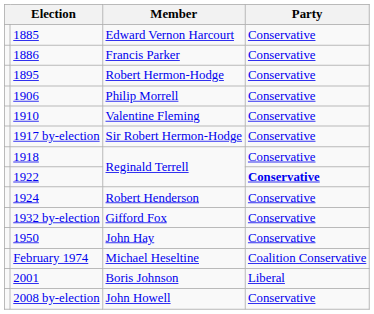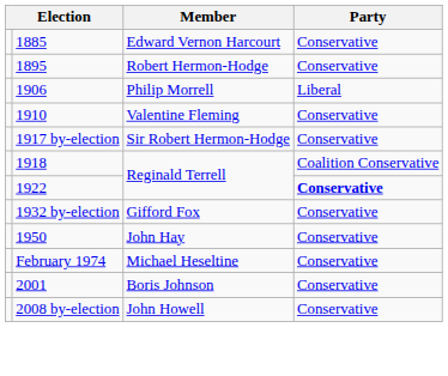 <table class="wikitable">
 <tr>
 <th colspan="2">Election</th>
 <th>Member</th>
 <th>Party</th>
 </tr>
 <tr>
 <td style="color:inherit;background-color: "></td>
 <td><a href='#'>1885</a></td>
 <td><a href='#'>Edward Vernon Harcourt</a></td>
 <td><a href='#'>Conservative</a></td>
 </tr>
 <tr>
 <td style="color:inherit;background-color: "></td>
-<td><a href='#'>1886</a></td>
-<td><a href='#'>Francis Parker</a></td>
-<td><a href='#'>Conservative</a></td>
-</tr>
-<tr>
-<td style="color:inherit;background-color: "></td>
 <td><a href='#'>1895</a></td>
 <td><a href='#'>Robert Hermon-Hodge</a></td>
 <td><a href='#'>Conservative</a></td>
 </tr>
 <tr>
 <td style="color:inherit;background-color: "></td>
 <td><a href='#'>1906</a></td>
 <td><a href='#'>Philip Morrell</a></td>
-<td><a href='#'>Conservative</a></td>
+<td><a href='#'>Liberal</a></td>
 </tr>
 <tr>
 <td style="color:inherit;background-color: "></td>
 <td><a href='#'>1910</a></td>
 <td><a href='#'>Valentine Fleming</a></td>
 <td><a href='#'>Conservative</a></td>
 </tr>
 <tr>
 <td style="color:inherit;background-color: "></td>
 <td><a href='#'>1917 by-election</a></td>
 <td><a href='#'>Sir Robert Hermon-Hodge</a></td>
 <td><a href='#'>Conservative</a></td>
 </tr>
 <tr>
 <td style="color:inherit;background-color: "></td>
 <td><a href='#'>1918</a></td>
 <td rowspan="2"><a href='#'>Reginald Terrell</a></td>
-<td><a href='#'>Conservative</a></td>
+<td><a href='#'>Coalition Conservative</a></td>
 </tr>
 <tr>
 <td style="color:inherit;background-color: "></td>
 <td><a href='#'>1922</a></td>
 <td><strong><a href='#'>Conservative</a></strong></td>
-</tr>
-<tr>
-<td style="color:inherit;background-color: "></td>
-<td><a href='#'>1924</a></td>
-<td><a href='#'>Robert Henderson</a></td>
-<td><a href='#'>Conservative</a></td>
 </tr>
 <tr>
 <td style="color:inherit;background-color: "></td>
 <td><a href='#'>1932 by-election</a></td>
 <td><a href='#'>Gifford Fox</a></td>
 <td><a href='#'>Conservative</a></td>
 </tr>
 <tr>
 <td style="color:inherit;background-color: "></td>
 <td><a href='#'>1950</a></td>
 <td><a href='#'>John Hay</a></td>
 <td><a href='#'>Conservative</a></td>
 </tr>
 <tr>
 <td style="color:inherit;background-color: "></td>
 <td><a href='#'>February 1974</a></td>
 <td><a href='#'>Michael Heseltine</a></td>
-<td><a href='#'>Coalition Conservative</a></td>
+<td><a href='#'>Conservative</a></td>
 </tr>
 <tr>
 <td style="color:inherit;background-color: "></td>
 <td><a href='#'>2001</a></td>
 <td><a href='#'>Boris Johnson</a></td>
-<td><a href='#'>Liberal</a></td>
+<td><a href='#'>Conservative</a></td>
 </tr>
 <tr>
 <td style="color:inherit;background-color: "></td>
 <td><a href='#'>2008 by-election</a></td>
 <td><a href='#'>John Howell</a></td>
 <td><a href='#'>Conservative</a></td>
 </tr>
 </table>
